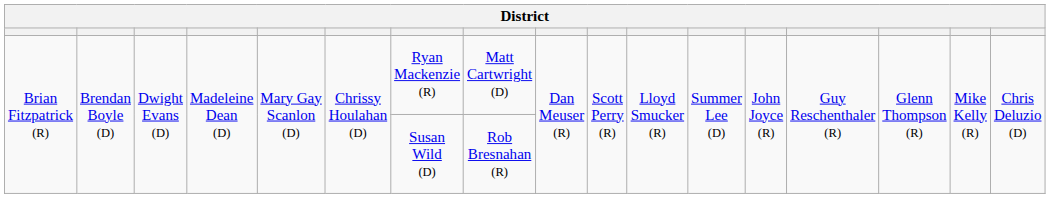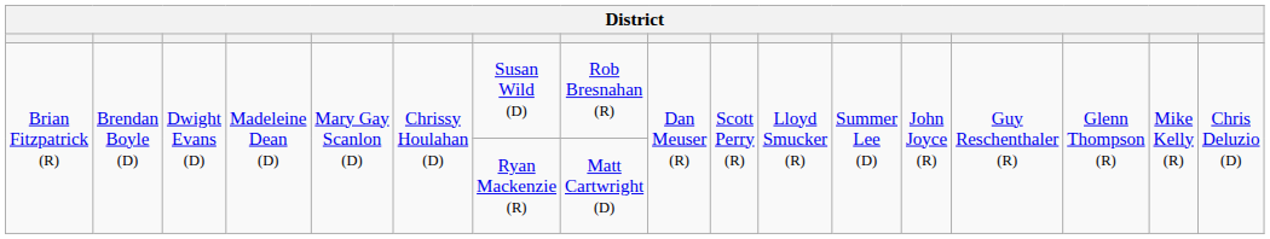 <table class=wikitable style="text-align:center">
 <tr>
 <th colspan=25>District</th>
 </tr>
 <tr>
 <th></th>
 <th></th>
 <th></th>
 <th></th>
 <th></th>
 <th></th>
 <th></th>
 <th></th>
 <th></th>
 <th></th>
 <th></th>
 <th></th>
 <th></th>
 <th></th>
 <th></th>
 <th></th>
 <th></th>
 </tr>
 <tr style="height:5.27em">
 <td rowspan=2 ><a href='#'>Brian<br>Fitzpatrick</a><br><small>(R)</small></td>
 <td rowspan=2 ><a href='#'>Brendan<br>Boyle</a><br><small>(D)</small></td>
 <td rowspan=2 ><a href='#'>Dwight<br>Evans</a><br><small>(D)</small></td>
 <td rowspan=2 ><a href='#'>Madeleine<br>Dean</a><br><small>(D)</small></td>
 <td rowspan=2 ><a href='#'>Mary Gay<br>Scanlon</a><br><small>(D)</small></td>
 <td rowspan=2 ><a href='#'>Chrissy<br>Houlahan</a><br><small>(D)</small></td>
-<td rowspan=1 ><a href='#'>Ryan<br>Mackenzie</a><br><small>(R)</small></td>
-<td rowspan=1 ><a href='#'>Matt<br>Cartwright</a><br><small>(D)</small></td>
+<td rowspan=1 ><a href='#'>Susan<br>Wild</a><br><small>(D)</small></td>
+<td rowspan=1 ><a href='#'>Rob<br>Bresnahan</a><br><small>(R)</small></td>
 <td rowspan=2 ><a href='#'>Dan<br>Meuser</a><br><small>(R)</small></td>
 <td rowspan=2 ><a href='#'>Scott<br>Perry</a><br><small>(R)</small></td>
 <td rowspan=2 ><a href='#'>Lloyd<br>Smucker</a><br><small>(R)</small></td>
 <td rowspan=2 ><a href='#'>Summer<br>Lee</a><br><small>(D)</small></td>
 <td rowspan=2 ><a href='#'>John<br>Joyce</a><br><small>(R)</small></td>
 <td rowspan=2 ><a href='#'>Guy<br>Reschenthaler</a><br><small>(R)</small></td>
 <td rowspan=2 ><a href='#'>Glenn<br>Thompson</a><br><small>(R)</small></td>
 <td rowspan=2 ><a href='#'>Mike<br>Kelly</a><br><small>(R)</small></td>
 <td rowspan=2 ><a href='#'>Chris<br>Deluzio</a><br><small>(D)</small></td>
 </tr>
 <tr style="height:5.27em">
-<td rowspan=1 ><a href='#'>Susan<br>Wild</a><br><small>(D)</small></td>
-<td rowspan=1 ><a href='#'>Rob<br>Bresnahan</a><br><small>(R)</small></td>
+<td rowspan=1 ><a href='#'>Ryan<br>Mackenzie</a><br><small>(R)</small></td>
+<td rowspan=1 ><a href='#'>Matt<br>Cartwright</a><br><small>(D)</small></td>
 </tr>
 </table>
